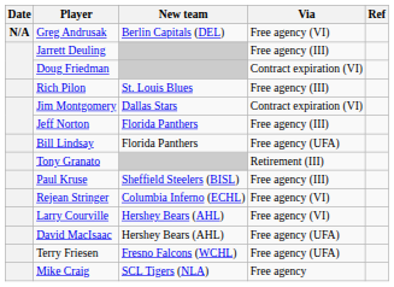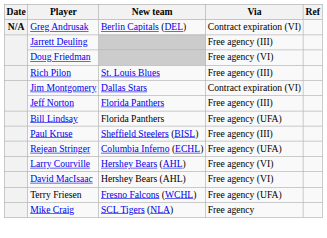 <table class="wikitable plainrowheaders">
 <tr style="background:#ddd; text-align:center;">
 <th>Date</th>
 <th>Player</th>
 <th>New team</th>
 <th>Via</th>
 <th>Ref</th>
 </tr>
 <tr>
 <th scope="row">N/A</th>
 <td><a href='#'>Greg Andrusak</a></td>
 <td><a href='#'>Berlin Capitals</a> (<a href='#'>DEL</a>)</td>
-<td>Free agency (VI)</td>
+<td>Contract expiration (VI)</td>
 <td></td>
 </tr>
 <tr>
 <th scope="row" rowspan=2></th>
 <td><a href='#'>Jarrett Deuling</a></td>
 <td style="background:#ccc"></td>
 <td>Free agency (III)</td>
 <td></td>
 </tr>
 <tr>
 <td><a href='#'>Doug Friedman</a></td>
 <td style="background:#ccc"></td>
-<td>Contract expiration (VI)</td>
+<td>Free agency (VI)</td>
 <td></td>
 </tr>
 <tr>
 <th scope="row"></th>
 <td><a href='#'>Rich Pilon</a></td>
 <td><a href='#'>St. Louis Blues</a></td>
 <td>Free agency (III)</td>
 <td></td>
 </tr>
 <tr>
 <th scope="row" rowspan=2></th>
 <td><a href='#'>Jim Montgomery</a></td>
 <td><a href='#'>Dallas Stars</a></td>
 <td>Contract expiration (VI)</td>
 <td></td>
 </tr>
 <tr>
 <td><a href='#'>Jeff Norton</a></td>
 <td><a href='#'>Florida Panthers</a></td>
 <td>Free agency (III)</td>
 <td></td>
 </tr>
 <tr>
 <th scope="row"></th>
 <td><a href='#'>Bill Lindsay</a></td>
 <td>Florida Panthers</td>
 <td>Free agency (UFA)</td>
 <td></td>
 </tr>
 <tr>
 <th scope="row"></th>
-<td><a href='#'>Tony Granato</a></td>
-<td style="background:#ccc"></td>
-<td>Retirement (III)</td>
-<td></td>
-</tr>
-<tr>
-<th scope="row"></th>
 <td><a href='#'>Paul Kruse</a></td>
 <td><a href='#'>Sheffield Steelers</a> (<a href='#'>BISL</a>)</td>
 <td>Free agency (III)</td>
 <td></td>
 </tr>
 <tr>
 <th scope="row"></th>
 <td><a href='#'>Rejean Stringer</a></td>
 <td><a href='#'>Columbia Inferno</a> (<a href='#'>ECHL</a>)</td>
-<td>Free agency (VI)</td>
+<td>Free agency (UFA)</td>
 <td></td>
 </tr>
 <tr>
 <th scope="row"></th>
 <td><a href='#'>Larry Courville</a></td>
 <td><a href='#'>Hershey Bears</a> (<a href='#'>AHL</a>)</td>
 <td>Free agency (VI)</td>
 <td></td>
 </tr>
 <tr>
 <th scope="row"></th>
 <td><a href='#'>David MacIsaac</a></td>
 <td>Hershey Bears (AHL)</td>
-<td>Free agency (UFA)</td>
+<td>Free agency (VI)</td>
 <td></td>
 </tr>
 <tr>
 <th scope="row"></th>
 <td>Terry Friesen</td>
 <td><a href='#'>Fresno Falcons</a> (<a href='#'>WCHL</a>)</td>
 <td>Free agency (UFA)</td>
 <td></td>
 </tr>
 <tr>
 <th scope="row"></th>
 <td><a href='#'>Mike Craig</a></td>
 <td><a href='#'>SCL Tigers</a> (<a href='#'>NLA</a>)</td>
 <td>Free agency</td>
 <td></td>
 </tr>
 </table>
